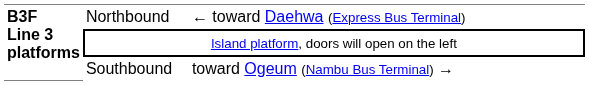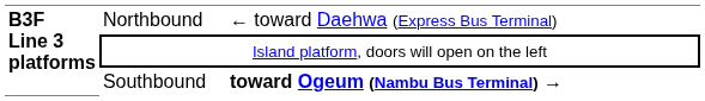 <table table border=0 cellspacing=0 cellpadding=3>
 <tr>
 <td style="border-top:solid 1px gray;border-bottom:solid 1px gray;" width=50 rowspan=10 valign=top><strong>B3F<br>Line 3 platforms</strong></td>
 <td style="border-bottom:solid 0px gray;border-top:solid 1px gray;" width=100>Northbound</td>
 <td style="border-bottom:solid 0px gray;border-top:solid 1px gray;" width=390>←  toward <a href='#'>Daehwa</a> <small>(<a href='#'>Express Bus Terminal</a>)</small></td>
 </tr>
 <tr>
 <td style="border-top:solid 2px black;border-right:solid 2px black;border-left:solid 2px black;border-bottom:solid 2px black;text-align:center;" colspan=2><small><a href='#'>Island platform</a>, doors will open on the left</small></td>
 </tr>
 <tr>
 <td>Southbound</td>
-<td>  toward <a href='#'>Ogeum</a> <small>(<a href='#'>Nambu Bus Terminal</a>)</small> →</td>
+<td><strong>  toward <a href='#'>Ogeum</a> <small>(<a href='#'>Nambu Bus Terminal</a>)</small> →</strong></td>
 </tr>
 </table>
